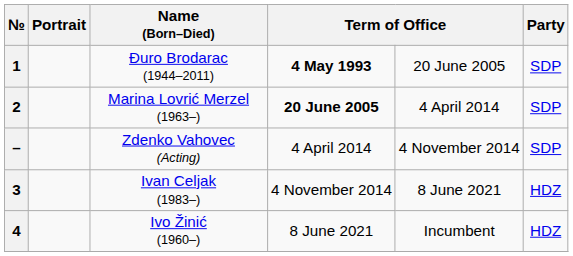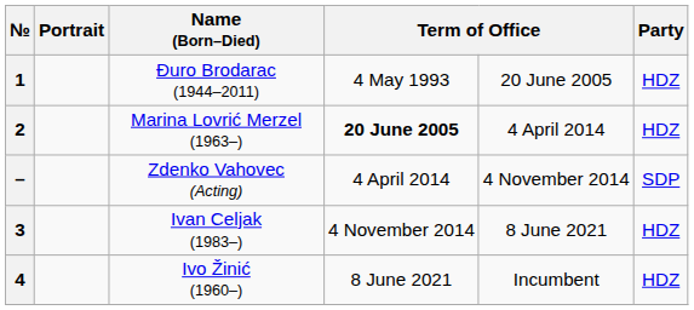 <table class="wikitable" style="text-align:center">
 <tr ->
 <th>№</th>
 <th>Portrait</th>
 <th width=180>Name<br><small>(Born–Died)</small></th>
 <th colspan=2>Term of Office</th>
 <th>Party</th>
 </tr>
 <tr ->
 <th style="background:">1</th>
 <td></td>
 <td><a href='#'>Đuro Brodarac</a><br><small>(1944–2011)</small></td>
-<td><strong>4 May 1993</strong></td>
+<td>4 May 1993</td>
 <td>20 June 2005</td>
-<td><a href='#'>SDP</a></td>
+<td><a href='#'>HDZ</a></td>
 </tr>
 <tr ->
 <th style="background:">2</th>
 <td></td>
 <td><a href='#'>Marina Lovrić Merzel</a><br><small>(1963–)</small></td>
 <td><strong>20 June 2005</strong></td>
 <td>4 April 2014</td>
-<td><a href='#'>SDP</a></td>
+<td><a href='#'>HDZ</a></td>
 </tr>
 <tr ->
 <th style="background:">–</th>
 <td></td>
 <td><a href='#'>Zdenko Vahovec</a> <br><small><em>(Acting)</em></small></td>
 <td>4 April 2014</td>
 <td>4 November 2014</td>
 <td><a href='#'>SDP</a></td>
 </tr>
 <tr ->
 <th style="background:">3</th>
 <td></td>
 <td><a href='#'>Ivan Celjak</a><br><small>(1983–)</small></td>
 <td>4 November 2014</td>
 <td>8 June 2021</td>
 <td><a href='#'>HDZ</a></td>
 </tr>
 <tr ->
 <th style="background:">4</th>
 <td></td>
 <td><a href='#'>Ivo Žinić</a><br><small>(1960–)</small></td>
 <td>8 June 2021</td>
 <td>Incumbent</td>
 <td><a href='#'>HDZ</a></td>
 </tr>
 <tr ->
 </tr>
 </table>
